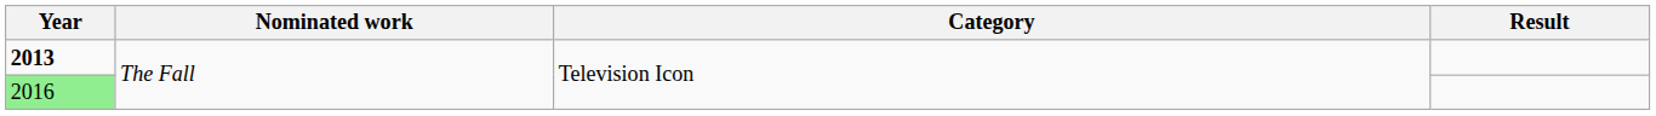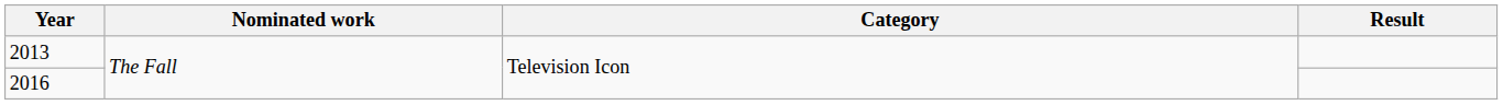 <table style="width:95%;" class="wikitable sortable">
 <tr>
 <th style="width:5%;">Year</th>
 <th style="width:20%;">Nominated work</th>
 <th style="width:40%;">Category</th>
 <th style="width:10%;">Result</th>
 </tr>
 <tr>
-<td><strong>2013</strong></td>
+<td>2013</td>
 <td rowspan="2"><em>The Fall</em></td>
 <td rowspan="2">Television Icon</td>
 <td></td>
 </tr>
 <tr>
-<td style="background: lightgreen;">2016</td>
+<td>2016</td>
 <td></td>
 </tr>
 </table>
